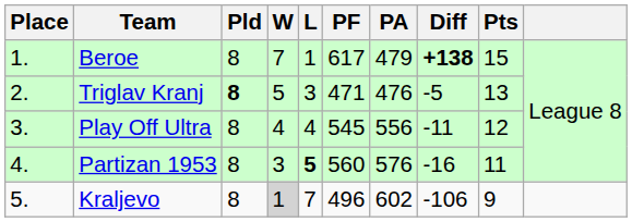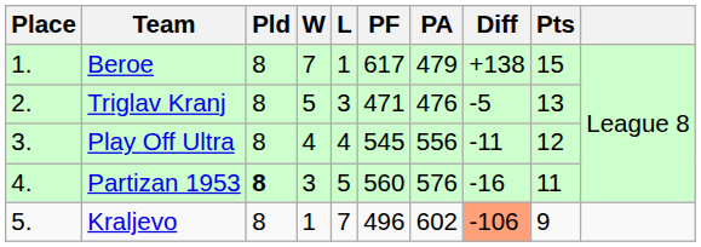 <table class="wikitable">
 <tr>
 <th>Place</th>
 <th>Team</th>
 <th>Pld</th>
 <th>W</th>
 <th>L</th>
 <th>PF</th>
 <th>PA</th>
 <th>Diff</th>
 <th>Pts</th>
 <th></th>
 </tr>
 <tr bgcolor=#ccffcc>
 <td>1.</td>
 <td> <a href='#'>Beroe</a></td>
 <td>8</td>
 <td>7</td>
 <td>1</td>
 <td>617</td>
 <td>479</td>
-<td><strong>+138</strong></td>
+<td>+138</td>
 <td>15</td>
 <td rowspan="4">League 8</td>
 </tr>
 <tr bgcolor=#ccffcc>
 <td>2.</td>
 <td> <a href='#'>Triglav Kranj</a></td>
-<td><strong>8</strong></td>
+<td>8</td>
 <td>5</td>
 <td>3</td>
 <td>471</td>
 <td>476</td>
 <td>-5</td>
 <td>13</td>
 </tr>
 <tr bgcolor=#ccffcc>
 <td>3.</td>
 <td> <a href='#'>Play Off Ultra</a></td>
 <td>8</td>
 <td>4</td>
 <td>4</td>
 <td>545</td>
 <td>556</td>
 <td>-11</td>
 <td>12</td>
 </tr>
 <tr bgcolor=#ccffcc>
 <td>4.</td>
 <td> <a href='#'>Partizan 1953</a></td>
-<td>8</td>
+<td><strong>8</strong></td>
 <td>3</td>
-<td><strong>5</strong></td>
+<td>5</td>
 <td>560</td>
 <td>576</td>
 <td>-16</td>
 <td>11</td>
 </tr>
 <tr>
 <td>5.</td>
 <td> <a href='#'>Kraljevo</a></td>
 <td>8</td>
-<td style="background: lightgrey;">1</td>
+<td>1</td>
 <td>7</td>
 <td>496</td>
 <td>602</td>
-<td>-106</td>
+<td style="background: lightsalmon;">-106</td>
 <td>9</td>
 <td rowspan="1"></td>
 </tr>
 </table>
